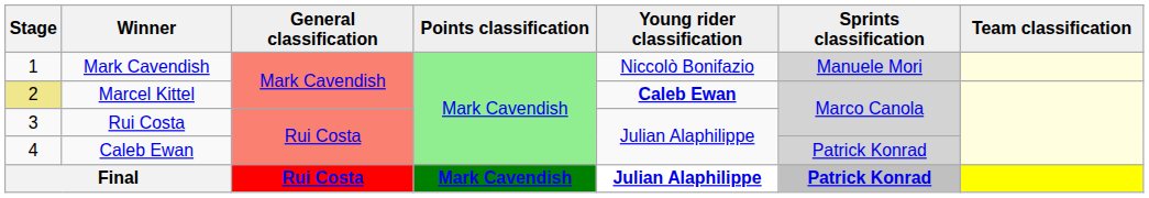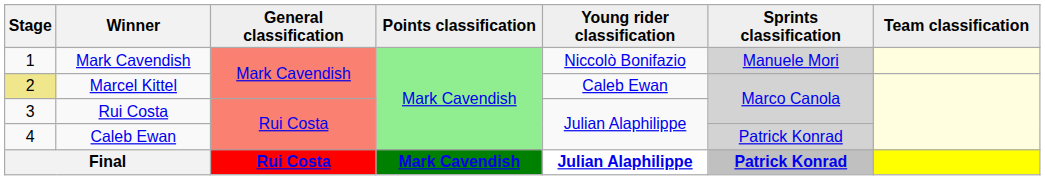 <table class="wikitable" style="text-align: center; font-size:smaller;">
 <tr style="background:#efefef;">
 <th style="width:1%;">Stage</th>
 <th style="width:14%;">Winner</th>
 <th style="background:#efefef; width:15%;">General classification<br></th>
 <th style="background:#efefef; width:15%;">Points classification<br></th>
 <th style="background:#efefef; width:15%;">Young rider classification<br></th>
 <th style="background:#efefef; width:15%;">Sprints classification<br></th>
 <th style="background:#efefef; width:15%;">Team classification</th>
 </tr>
 <tr>
 <td>1</td>
 <td><a href='#'>Mark Cavendish</a></td>
 <td style="background:salmon;" rowspan=2><a href='#'>Mark Cavendish</a></td>
 <td style="background:lightgreen;" rowspan=4><a href='#'>Mark Cavendish</a></td>
 <td style="background:offwhite;"><a href='#'>Niccolò Bonifazio</a></td>
 <td style="background:lightgrey;"><a href='#'>Manuele Mori</a></td>
 <td style="background:lightyellow;"></td>
 </tr>
 <tr>
 <td style="background: khaki;">2</td>
 <td><a href='#'>Marcel Kittel</a></td>
-<td style="background:offwhite;"><strong><a href='#'>Caleb Ewan</a></strong></td>
+<td style="background:offwhite;"><a href='#'>Caleb Ewan</a></td>
 <td style="background:lightgrey;" rowspan=2><a href='#'>Marco Canola</a></td>
 <td style="background:lightyellow;" rowspan=3></td>
 </tr>
 <tr>
 <td>3</td>
 <td><a href='#'>Rui Costa</a></td>
 <td style="background:salmon;" rowspan=2><a href='#'>Rui Costa</a></td>
 <td style="background:offwhite;" rowspan=2><a href='#'>Julian Alaphilippe</a></td>
 </tr>
 <tr>
 <td>4</td>
 <td><a href='#'>Caleb Ewan</a></td>
 <td style="background:lightgrey;"><a href='#'>Patrick Konrad</a></td>
 </tr>
 <tr>
 <th colspan=2>Final</th>
 <th style="background:red;"><a href='#'>Rui Costa</a></th>
 <th style="background:green;"><a href='#'>Mark Cavendish</a></th>
 <th style="background:white;"><a href='#'>Julian Alaphilippe</a></th>
 <th style="background:silver;"><a href='#'>Patrick Konrad</a></th>
 <th style="background:yellow;"></th>
 </tr>
 </table>
